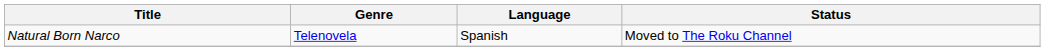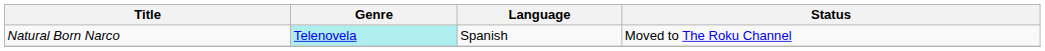 <table class="wikitable sortable" style="width:100%;">
 <tr>
 <th>Title</th>
 <th>Genre</th>
 <th>Language</th>
 <th>Status</th>
 </tr>
 <tr>
 <td><em>Natural Born Narco</em></td>
-<td><a href='#'>Telenovela</a></td>
+<td style="background: paleturquoise;"><a href='#'>Telenovela</a></td>
 <td>Spanish</td>
 <td>Moved to <a href='#'>The Roku Channel</a></td>
 </tr>
 <tr>
 </tr>
 </table>
